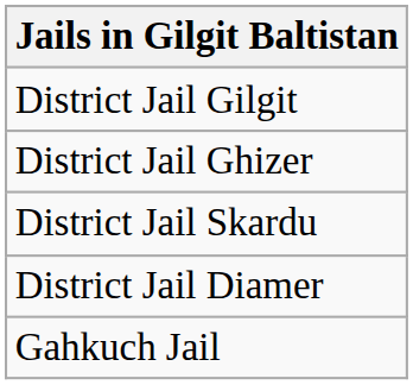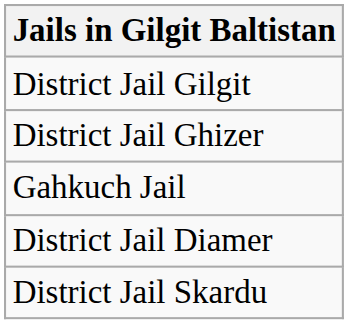 <table class="wikitable">
 <tr>
 <th>Jails in Gilgit Baltistan</th>
 </tr>
 <tr>
 <td>District Jail Gilgit</td>
 </tr>
 <tr>
 <td>District Jail Ghizer</td>
 </tr>
 <tr>
-<td>District Jail Skardu</td>
+<td>Gahkuch Jail</td>
 </tr>
 <tr>
 <td>District Jail Diamer</td>
 </tr>
 <tr>
-<td>Gahkuch Jail</td>
+<td>District Jail Skardu</td>
 </tr>
 </table>
